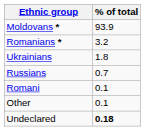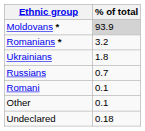 <table class="wikitable sortable">
 <tr>
 <th style="width:140px;"><a href='#'>Ethnic group</a></th>
 <th>% of total</th>
 </tr>
 <tr>
 <td><a href='#'>Moldovans</a> <strong>*</strong></td>
-<td>93.9</td>
+<td style="background: lightgrey;">93.9</td>
 </tr>
 <tr>
 <td><a href='#'>Romanians</a> <strong>*</strong></td>
 <td>3.2</td>
 </tr>
 <tr>
 <td><a href='#'>Ukrainians</a></td>
 <td>1.8</td>
 </tr>
 <tr>
 <td><a href='#'>Russians</a></td>
 <td>0.7</td>
 </tr>
 <tr>
 <td><a href='#'>Romani</a></td>
 <td>0.1</td>
 </tr>
 <tr>
 <td>Other</td>
 <td>0.1</td>
 </tr>
 <tr>
 <td>Undeclared</td>
-<td><strong>0.18</strong></td>
+<td>0.18</td>
 </tr>
 </table>
